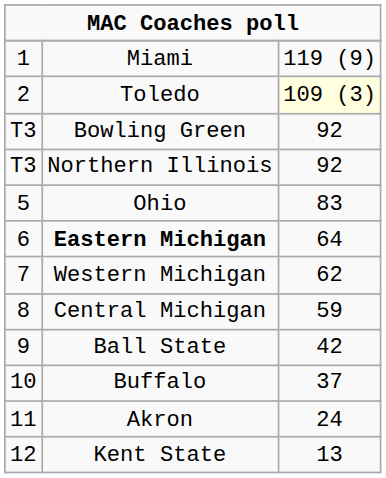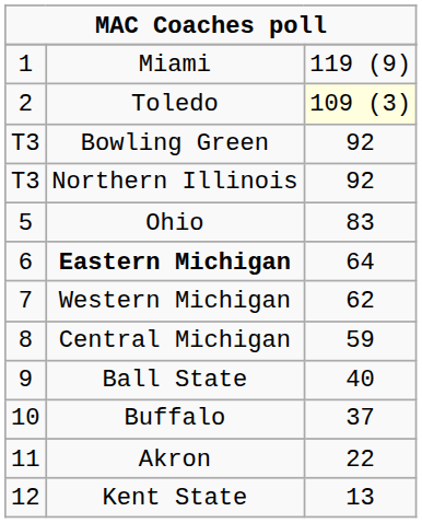 <table class="wikitable" style="display: inline-table;">
 <tr align="center">
 <td align="center" Colspan="3"><strong>MAC Coaches poll</strong></td>
 </tr>
 <tr align="center">
 </tr>
 <tr align="center">
 <td>1</td>
 <td>Miami</td>
 <td>119 (9)</td>
 </tr>
 <tr align="center">
 <td>2</td>
 <td>Toledo</td>
 <td style="background: lightyellow;">109 (3)</td>
 </tr>
 <tr align="center">
 <td>T3</td>
 <td>Bowling Green</td>
 <td>92</td>
 </tr>
 <tr align="center">
 <td>T3</td>
 <td>Northern Illinois</td>
 <td>92</td>
 </tr>
 <tr align="center">
 <td>5</td>
 <td>Ohio</td>
 <td>83</td>
 </tr>
 <tr align="center">
 <td>6</td>
 <td><strong>Eastern Michigan</strong></td>
 <td>64</td>
 </tr>
 <tr align="center">
 <td>7</td>
 <td>Western Michigan</td>
 <td>62</td>
 </tr>
 <tr align="center">
 <td>8</td>
 <td>Central Michigan</td>
 <td>59</td>
 </tr>
 <tr align="center">
 <td>9</td>
 <td>Ball State</td>
-<td>42</td>
+<td>40</td>
 </tr>
 <tr align="center">
 <td>10</td>
 <td>Buffalo</td>
 <td>37</td>
 </tr>
 <tr align="center">
 <td>11</td>
 <td>Akron</td>
-<td>24</td>
+<td>22</td>
 </tr>
 <tr align="center">
 <td>12</td>
 <td>Kent State</td>
 <td>13</td>
 </tr>
 </table>
